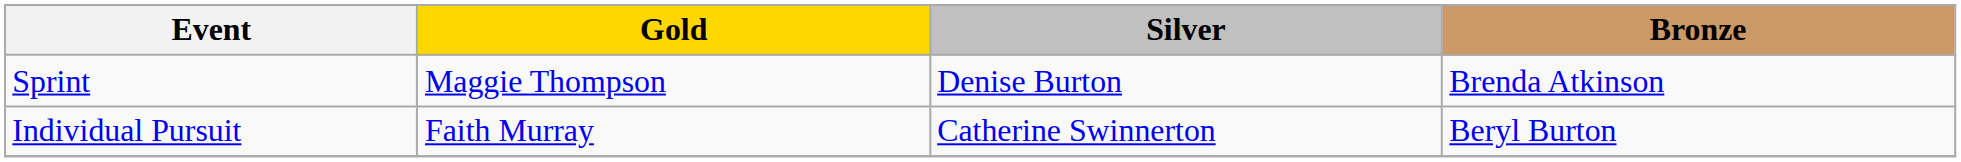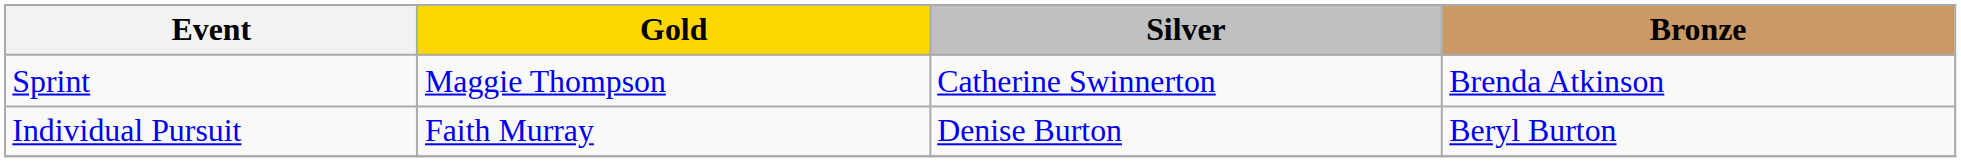 <table class="wikitable" style="font-size: 100%">
 <tr>
 <th width=200>Event</th>
 <th width=250 style="background-color: gold;">Gold</th>
 <th width=250 style="background-color: silver;">Silver</th>
 <th width=250 style="background-color: #cc9966;">Bronze</th>
 </tr>
 <tr>
 <td><a href='#'>Sprint</a></td>
 <td><a href='#'>Maggie Thompson</a></td>
-<td><a href='#'>Denise Burton</a></td>
+<td><a href='#'>Catherine Swinnerton</a></td>
 <td><a href='#'>Brenda Atkinson</a></td>
 </tr>
 <tr>
 <td><a href='#'>Individual Pursuit</a></td>
 <td><a href='#'>Faith Murray</a></td>
-<td><a href='#'>Catherine Swinnerton</a></td>
+<td><a href='#'>Denise Burton</a></td>
 <td><a href='#'>Beryl Burton</a></td>
 </tr>
 <tr>
 </tr>
 </table>
